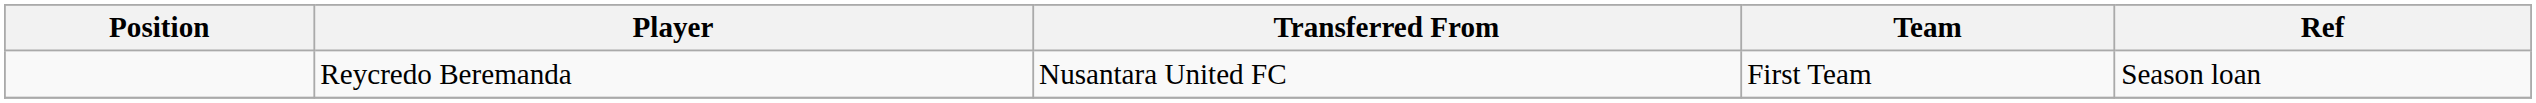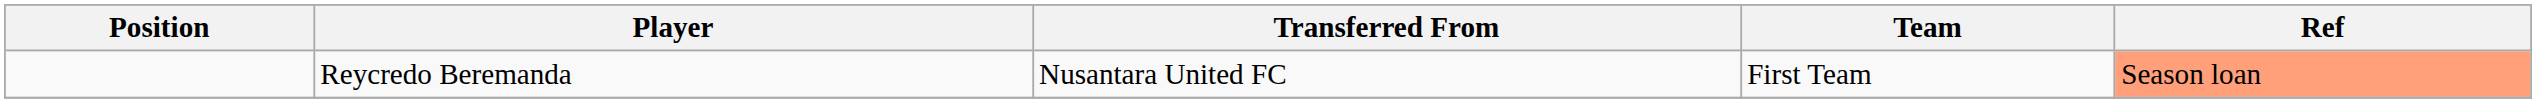 <table class="wikitable sortable" style="width:70%; text-align:center; font-size:100%; text-align:left;">
 <tr>
 <th>Position</th>
 <th>Player</th>
 <th>Transferred From</th>
 <th>Team</th>
 <th>Ref</th>
 </tr>
 <tr>
 <td></td>
 <td> Reycredo Beremanda</td>
 <td> Nusantara United FC</td>
 <td>First Team</td>
-<td>Season loan </td>
+<td style="background: lightsalmon;">Season loan </td>
 </tr>
 <tr>
 </tr>
 </table>
